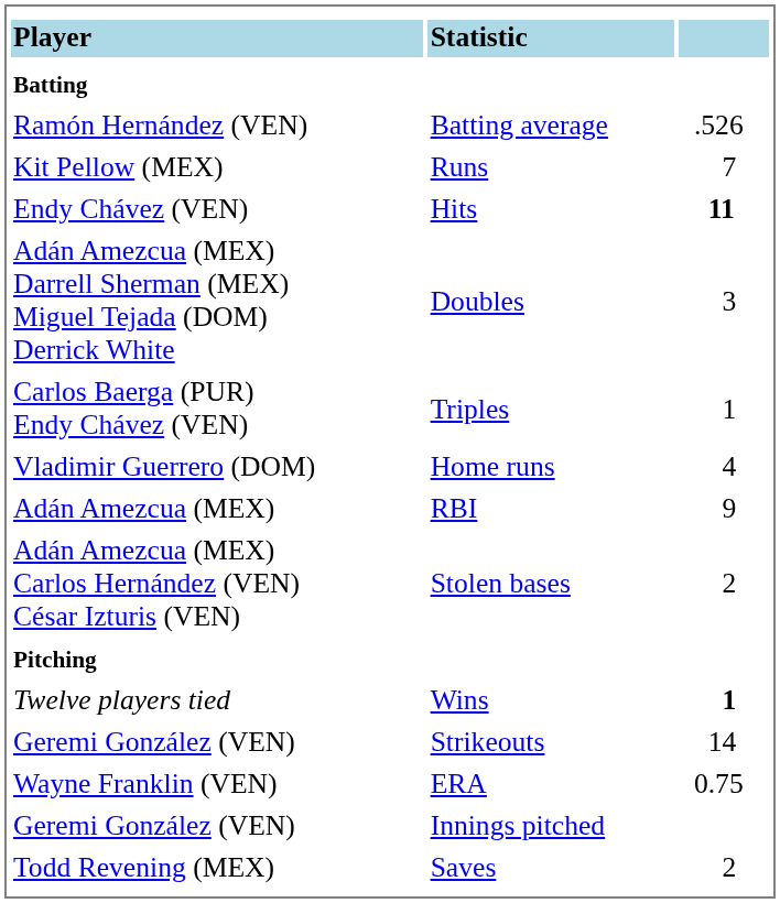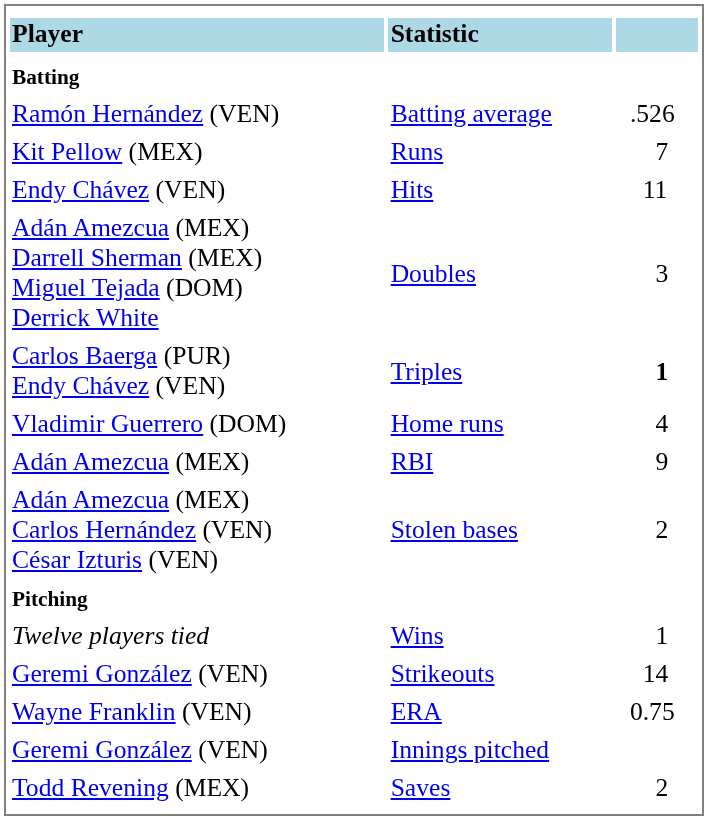 <table cellpadding="1" width="350px" style="font-size: 80%; border: 1px solid gray;">
 <tr align="center" style="font-size: larger;">
 <td colspan=6></td>
 </tr>
 <tr style="background:lightblue;">
 <td><strong>Player</strong></td>
 <td><strong>Statistic</strong></td>
 <td></td>
 </tr>
 <tr align="center" style="vertical-align: middle;" style="background:lightblue;">
 </tr>
 <tr>
 <td><small><strong>Batting</strong></small></td>
 </tr>
 <tr>
 <td><a href='#'>Ramón Hernández</a> (VEN)</td>
 <td><a href='#'>Batting average</a></td>
 <td>  .526</td>
 </tr>
 <tr>
 <td><a href='#'>Kit Pellow</a> (MEX)</td>
 <td><a href='#'>Runs</a></td>
 <td>      7</td>
 </tr>
 <tr>
 <td><a href='#'>Endy Chávez</a> (VEN)</td>
 <td><a href='#'>Hits</a></td>
-<td><strong>    11</strong></td>
+<td>    11</td>
 </tr>
 <tr>
 <td><a href='#'>Adán Amezcua</a> (MEX)<br><a href='#'>Darrell Sherman</a> (MEX)<br><a href='#'>Miguel Tejada</a> (DOM)<br><a href='#'>Derrick White</a></td>
 <td><a href='#'>Doubles</a></td>
 <td>      3</td>
 </tr>
 <tr>
 <td><a href='#'>Carlos Baerga</a> (PUR)<br><a href='#'>Endy Chávez</a> (VEN)</td>
 <td><a href='#'>Triples</a></td>
-<td>      1</td>
+<td><strong>      1</strong></td>
 </tr>
 <tr>
 <td><a href='#'>Vladimir Guerrero</a> (DOM)</td>
 <td><a href='#'>Home runs</a></td>
 <td>      4</td>
 </tr>
 <tr>
 <td><a href='#'>Adán Amezcua</a> (MEX)</td>
 <td><a href='#'>RBI</a></td>
 <td>      9</td>
 </tr>
 <tr>
 <td><a href='#'>Adán Amezcua</a> (MEX)<br><a href='#'>Carlos Hernández</a> (VEN)<br><a href='#'>César Izturis</a> (VEN)</td>
 <td><a href='#'>Stolen bases</a></td>
 <td>      2</td>
 </tr>
 <tr>
 <td><small><strong>Pitching</strong></small></td>
 </tr>
 <tr>
 <td><em>Twelve players tied</em></td>
 <td><a href='#'>Wins</a></td>
-<td><strong>      1</strong></td>
+<td>      1</td>
 </tr>
 <tr>
 <td><a href='#'>Geremi González</a> (VEN)</td>
 <td><a href='#'>Strikeouts</a></td>
 <td>    14</td>
 </tr>
 <tr>
 <td><a href='#'>Wayne Franklin</a> (VEN)</td>
 <td><a href='#'>ERA</a></td>
 <td>  0.75</td>
 </tr>
 <tr>
 <td><a href='#'>Geremi González</a> (VEN)</td>
 <td><a href='#'>Innings pitched</a></td>
 <td>  </td>
 </tr>
 <tr>
 <td><a href='#'>Todd Revening</a> (MEX)</td>
 <td><a href='#'>Saves</a></td>
 <td>      2</td>
 </tr>
 <tr>
 </tr>
 </table>
